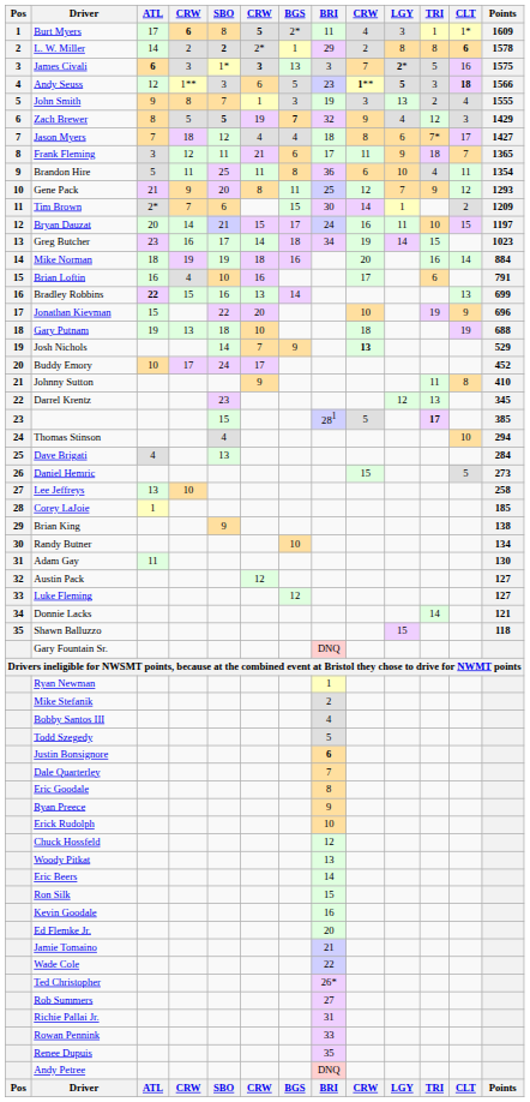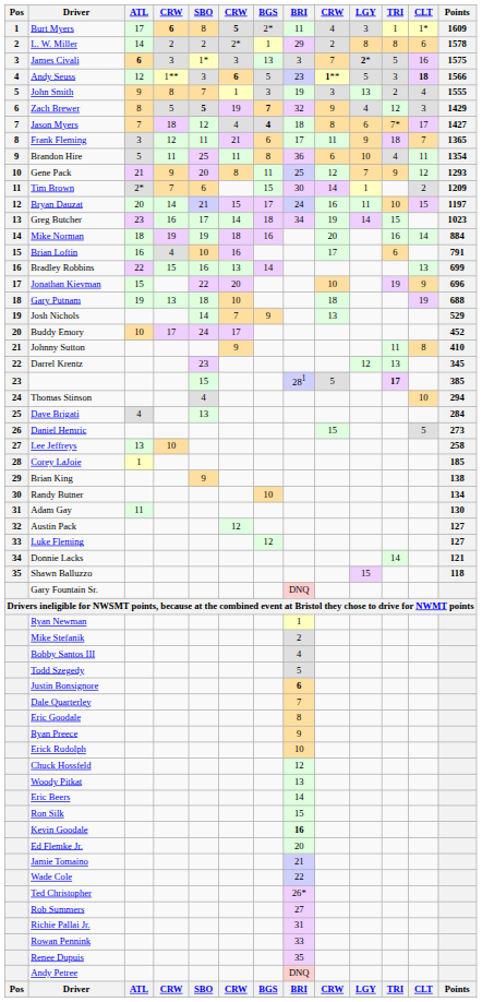 <table class="wikitable" style="font-size:77%; text-align:center;">
 <tr valign="center">
 <th valign="middle">Pos</th>
 <th valign="middle">Driver</th>
 <th><a href='#'>ATL</a></th>
 <th><a href='#'>CRW</a></th>
 <th><a href='#'>SBO</a></th>
 <th><a href='#'>CRW</a></th>
 <th><a href='#'>BGS</a></th>
 <th><a href='#'>BRI</a></th>
 <th><a href='#'>CRW</a></th>
 <th><a href='#'>LGY</a></th>
 <th><a href='#'>TRI</a></th>
 <th><a href='#'>CLT</a></th>
 <th valign="middle">Points</th>
 </tr>
 <tr>
 <th>1</th>
 <td align="left"><a href='#'>Burt Myers</a></td>
 <td style="background:#DFFFDF;">17</td>
 <td style="background:#FFDF9F;"><strong>6</strong></td>
 <td style="background:#FFDF9F;">8</td>
 <td style="background:#DFDFDF;"><strong>5</strong></td>
 <td style="background:#DFDFDF;">2*</td>
 <td style="background:#DFFFDF;">11</td>
 <td style="background:#DFDFDF;">4</td>
 <td style="background:#DFDFDF;">3</td>
 <td style="background:#FFFFBF;">1</td>
 <td style="background:#FFFFBF;">1*</td>
 <th>1609</th>
 </tr>
 <tr>
 <th>2</th>
 <td align="left"><a href='#'>L. W. Miller</a></td>
 <td style="background:#DFFFDF;">14</td>
 <td style="background:#DFDFDF;">2</td>
-<td style="background:#DFDFDF;"><strong>2</strong></td>
+<td style="background:#DFDFDF;">2</td>
 <td style="background:#DFDFDF;">2*</td>
 <td style="background:#FFFFBF;">1</td>
 <td style="background:#EFCFFF;">29</td>
 <td style="background:#DFDFDF;">2</td>
 <td style="background:#FFDF9F;">8</td>
 <td style="background:#FFDF9F;">8</td>
-<td style="background:#FFDF9F;"><strong>6</strong></td>
+<td style="background:#FFDF9F;">6</td>
 <th>1578</th>
 </tr>
 <tr>
 <th>3</th>
 <td align="left"><a href='#'>James Civali</a></td>
 <td style="background:#FFDF9F;"><strong>6</strong></td>
 <td style="background:#DFDFDF;">3</td>
 <td style="background:#FFFFBF;">1*</td>
-<td style="background:#DFDFDF;"><strong>3</strong></td>
+<td style="background:#DFDFDF;">3</td>
 <td style="background:#DFFFDF;">13</td>
 <td style="background:#DFDFDF;">3</td>
 <td style="background:#FFDF9F;">7</td>
 <td style="background:#DFDFDF;"><strong>2</strong>*</td>
 <td style="background:#DFDFDF;">5</td>
 <td style="background:#EFCFFF;">16</td>
 <th>1575</th>
 </tr>
 <tr>
 <th>4</th>
 <td align="left"><a href='#'>Andy Seuss</a></td>
 <td style="background:#DFFFDF;">12</td>
 <td style="background:#FFFFBF;">1**</td>
 <td style="background:#DFDFDF;">3</td>
-<td style="background:#FFDF9F;">6</td>
+<td style="background:#FFDF9F;"><strong>6</strong></td>
 <td style="background:#DFDFDF;">5</td>
 <td style="background:#CFCFFF;">23</td>
 <td style="background:#FFFFBF;"><strong>1</strong>**</td>
-<td style="background:#DFDFDF;"><strong>5</strong></td>
+<td style="background:#DFDFDF;">5</td>
 <td style="background:#DFDFDF;">3</td>
 <td style="background:#EFCFFF;"><strong>18</strong></td>
 <th>1566</th>
 </tr>
 <tr>
 <th>5</th>
 <td align="left"><a href='#'>John Smith</a></td>
 <td style="background:#FFDF9F;">9</td>
 <td style="background:#FFDF9F;">8</td>
 <td style="background:#FFDF9F;">7</td>
 <td style="background:#FFFFBF;">1</td>
 <td style="background:#DFDFDF;">3</td>
 <td style="background:#DFFFDF;">19</td>
 <td style="background:#DFDFDF;">3</td>
 <td style="background:#DFFFDF;">13</td>
 <td style="background:#DFDFDF;">2</td>
 <td style="background:#DFDFDF;">4</td>
 <th>1555</th>
 </tr>
 <tr>
 <th>6</th>
 <td align="left"><a href='#'>Zach Brewer</a></td>
 <td style="background:#FFDF9F;">8</td>
 <td style="background:#DFDFDF;">5</td>
 <td style="background:#DFDFDF;"><strong>5</strong></td>
 <td style="background:#EFCFFF;">19</td>
 <td style="background:#FFDF9F;"><strong>7</strong></td>
 <td style="background:#EFCFFF;">32</td>
 <td style="background:#FFDF9F;">9</td>
 <td style="background:#DFDFDF;">4</td>
 <td style="background:#DFFFDF;">12</td>
 <td style="background:#DFDFDF;">3</td>
 <th>1429</th>
 </tr>
 <tr>
 <th>7</th>
 <td align="left"><a href='#'>Jason Myers</a></td>
 <td style="background:#FFDF9F;">7</td>
 <td style="background:#EFCFFF;">18</td>
 <td style="background:#DFFFDF;">12</td>
 <td style="background:#DFDFDF;">4</td>
-<td style="background:#DFDFDF;">4</td>
+<td style="background:#DFDFDF;"><strong>4</strong></td>
 <td style="background:#DFFFDF;">18</td>
 <td style="background:#FFDF9F;">8</td>
 <td style="background:#FFDF9F;">6</td>
 <td style="background:#FFDF9F;">7*</td>
 <td style="background:#EFCFFF;">17</td>
 <th>1427</th>
 </tr>
 <tr>
 <th>8</th>
 <td align="left"><a href='#'>Frank Fleming</a></td>
 <td style="background:#DFDFDF;">3</td>
 <td style="background:#DFFFDF;">12</td>
 <td style="background:#DFFFDF;">11</td>
 <td style="background:#EFCFFF;">21</td>
 <td style="background:#FFDF9F;">6</td>
 <td style="background:#DFFFDF;">17</td>
 <td style="background:#DFFFDF;">11</td>
 <td style="background:#FFDF9F;">9</td>
 <td style="background:#EFCFFF;">18</td>
 <td style="background:#FFDF9F;">7</td>
 <th>1365</th>
 </tr>
 <tr>
 <th>9</th>
 <td align="left">Brandon Hire</td>
 <td style="background:#DFDFDF;">5</td>
 <td style="background:#DFFFDF;">11</td>
 <td style="background:#EFCFFF;">25</td>
 <td style="background:#DFFFDF;">11</td>
 <td style="background:#FFDF9F;">8</td>
 <td style="background:#EFCFFF;">36</td>
 <td style="background:#FFDF9F;">6</td>
 <td style="background:#FFDF9F;">10</td>
 <td style="background:#DFDFDF;">4</td>
 <td style="background:#DFFFDF;">11</td>
 <th>1354</th>
 </tr>
 <tr>
 <th>10</th>
 <td align="left">Gene Pack</td>
 <td style="background:#EFCFFF;">21</td>
 <td style="background:#FFDF9F;">9</td>
 <td style="background:#EFCFFF;">20</td>
 <td style="background:#FFDF9F;">8</td>
 <td style="background:#DFFFDF;">11</td>
 <td style="background:#CFCFFF;">25</td>
 <td style="background:#DFFFDF;">12</td>
 <td style="background:#FFDF9F;">7</td>
 <td style="background:#FFDF9F;">9</td>
 <td style="background:#DFFFDF;">12</td>
 <th>1293</th>
 </tr>
 <tr>
 <th>11</th>
 <td align="left"><a href='#'>Tim Brown</a></td>
 <td style="background:#DFDFDF;">2*</td>
 <td style="background:#FFDF9F;">7</td>
 <td style="background:#FFDF9F;">6</td>
 <td></td>
 <td style="background:#DFFFDF;">15</td>
 <td style="background:#EFCFFF;">30</td>
 <td style="background:#EFCFFF;">14</td>
 <td style="background:#FFFFBF;">1</td>
 <td></td>
 <td style="background:#DFDFDF;">2</td>
 <th>1209</th>
 </tr>
 <tr>
 <th>12</th>
 <td align="left"><a href='#'>Bryan Dauzat</a></td>
 <td style="background:#DFFFDF;">20</td>
 <td style="background:#DFFFDF;">14</td>
 <td style="background:#CFCFFF;">21</td>
 <td style="background:#EFCFFF;">15</td>
 <td style="background:#EFCFFF;">17</td>
 <td style="background:#CFCFFF;">24</td>
 <td style="background:#DFFFDF;">16</td>
 <td style="background:#DFFFDF;">11</td>
 <td style="background:#FFDF9F;">10</td>
 <td style="background:#EFCFFF;">15</td>
 <th>1197</th>
 </tr>
 <tr>
 <th>13</th>
 <td align="left">Greg Butcher</td>
 <td style="background:#EFCFFF;">23</td>
 <td style="background:#DFFFDF;">16</td>
 <td style="background:#DFFFDF;">17</td>
 <td style="background:#DFFFDF;">14</td>
 <td style="background:#EFCFFF;">18</td>
 <td style="background:#EFCFFF;">34</td>
 <td style="background:#DFFFDF;">19</td>
 <td style="background:#EFCFFF;">14</td>
 <td style="background:#DFFFDF;">15</td>
 <td></td>
 <th>1023</th>
 </tr>
 <tr>
 <th>14</th>
 <td align="left"><a href='#'>Mike Norman</a></td>
 <td style="background:#DFFFDF;">18</td>
 <td style="background:#EFCFFF;">19</td>
 <td style="background:#DFFFDF;">19</td>
 <td style="background:#EFCFFF;">18</td>
 <td style="background:#EFCFFF;">16</td>
 <td></td>
 <td style="background:#DFFFDF;">20</td>
 <td></td>
 <td style="background:#DFFFDF;">16</td>
 <td style="background:#DFFFDF;">14</td>
 <th>884</th>
 </tr>
 <tr>
 <th>15</th>
 <td align="left"><a href='#'>Brian Loftin</a></td>
 <td style="background:#DFFFDF;">16</td>
 <td style="background:#DFDFDF;">4</td>
 <td style="background:#FFDF9F;">10</td>
 <td style="background:#EFCFFF;">16</td>
 <td></td>
 <td></td>
 <td style="background:#DFFFDF;">17</td>
 <td></td>
 <td style="background:#FFDF9F;">6</td>
 <td></td>
 <th>791</th>
 </tr>
 <tr>
 <th>16</th>
 <td align="left">Bradley Robbins</td>
-<td style="background:#EFCFFF;"><strong>22</strong></td>
+<td style="background:#EFCFFF;">22</td>
 <td style="background:#DFFFDF;">15</td>
 <td style="background:#DFFFDF;">16</td>
 <td style="background:#DFFFDF;">13</td>
 <td style="background:#EFCFFF;">14</td>
 <td></td>
 <td></td>
 <td></td>
 <td></td>
 <td style="background:#DFFFDF;">13</td>
 <th>699</th>
 </tr>
 <tr>
 <th>17</th>
 <td align="left"><a href='#'>Jonathan Kievman</a></td>
 <td style="background:#DFFFDF;">15</td>
 <td></td>
 <td style="background:#EFCFFF;">22</td>
 <td style="background:#EFCFFF;">20</td>
 <td></td>
 <td></td>
 <td style="background:#FFDF9F;">10</td>
 <td></td>
 <td style="background:#EFCFFF;">19</td>
 <td style="background:#FFDF9F;">9</td>
 <th>696</th>
 </tr>
 <tr>
 <th>18</th>
 <td align="left"><a href='#'>Gary Putnam</a></td>
 <td style="background:#DFFFDF;">19</td>
 <td style="background:#DFFFDF;">13</td>
 <td style="background:#DFFFDF;">18</td>
 <td style="background:#FFDF9F;">10</td>
 <td></td>
 <td></td>
 <td style="background:#DFFFDF;">18</td>
 <td></td>
 <td></td>
 <td style="background:#EFCFFF;">19</td>
 <th>688</th>
 </tr>
 <tr>
 <th>19</th>
 <td align="left">Josh Nichols</td>
 <td></td>
 <td></td>
 <td style="background:#DFFFDF;">14</td>
 <td style="background:#FFDF9F;">7</td>
 <td style="background:#FFDF9F;">9</td>
 <td></td>
-<td style="background:#DFFFDF;"><strong>13</strong></td>
+<td style="background:#DFFFDF;">13</td>
 <td></td>
 <td></td>
 <td></td>
 <th>529</th>
 </tr>
 <tr>
 <th>20</th>
 <td align="left">Buddy Emory</td>
 <td style="background:#FFDF9F;">10</td>
 <td style="background:#EFCFFF;">17</td>
 <td style="background:#EFCFFF;">24</td>
 <td style="background:#EFCFFF;">17</td>
 <td></td>
 <td></td>
 <td></td>
 <td></td>
 <td></td>
 <td></td>
 <th>452</th>
 </tr>
 <tr>
 <th>21</th>
 <td align="left">Johnny Sutton</td>
 <td></td>
 <td></td>
 <td></td>
 <td style="background:#FFDF9F;">9</td>
 <td></td>
 <td></td>
 <td></td>
 <td></td>
 <td style="background:#DFFFDF;">11</td>
 <td style="background:#FFDF9F;">8</td>
 <th>410</th>
 </tr>
 <tr>
 <th>22</th>
 <td align="left">Darrel Krentz</td>
 <td></td>
 <td></td>
 <td style="background:#EFCFFF;">23</td>
 <td></td>
 <td></td>
 <td></td>
 <td></td>
 <td style="background:#DFFFDF;">12</td>
 <td style="background:#DFFFDF;">13</td>
 <td></td>
 <th>345</th>
 </tr>
 <tr>
 <th>23</th>
 <td align="left"></td>
 <td></td>
 <td></td>
 <td style="background:#DFFFDF;">15</td>
 <td></td>
 <td></td>
 <td style="background:#CFCFFF;">28<sup>1</sup></td>
 <td style="background:#DFDFDF;">5</td>
 <td></td>
 <td style="background:#EFCFFF;"><strong>17</strong></td>
 <td></td>
 <th>385</th>
 </tr>
 <tr>
 <th>24</th>
 <td align="left">Thomas Stinson</td>
 <td></td>
 <td></td>
 <td style="background:#DFDFDF;">4</td>
 <td></td>
 <td></td>
 <td></td>
 <td></td>
 <td></td>
 <td></td>
 <td style="background:#FFDF9F;">10</td>
 <th>294</th>
 </tr>
 <tr>
 <th>25</th>
 <td align="left"><a href='#'>Dave Brigati</a></td>
 <td style="background:#DFDFDF;">4</td>
 <td></td>
 <td style="background:#DFFFDF;">13</td>
 <td></td>
 <td></td>
 <td></td>
 <td></td>
 <td></td>
 <td></td>
 <td></td>
 <th>284</th>
 </tr>
 <tr>
 <th>26</th>
 <td align="left"><a href='#'>Daniel Hemric</a></td>
 <td></td>
 <td></td>
 <td></td>
 <td></td>
 <td></td>
 <td></td>
 <td style="background:#DFFFDF;">15</td>
 <td></td>
 <td></td>
 <td style="background:#DFDFDF;">5</td>
 <th>273</th>
 </tr>
 <tr>
 <th>27</th>
 <td align="left"><a href='#'>Lee Jeffreys</a></td>
 <td style="background:#DFFFDF;">13</td>
 <td style="background:#FFDF9F;">10</td>
 <td></td>
 <td></td>
 <td></td>
 <td></td>
 <td></td>
 <td></td>
 <td></td>
 <td></td>
 <th>258</th>
 </tr>
 <tr>
 <th>28</th>
 <td align="left"><a href='#'>Corey LaJoie</a></td>
 <td style="background:#FFFFBF;">1</td>
 <td></td>
 <td></td>
 <td></td>
 <td></td>
 <td></td>
 <td></td>
 <td></td>
 <td></td>
 <td></td>
 <th>185</th>
 </tr>
 <tr>
 <th>29</th>
 <td align="left">Brian King</td>
 <td></td>
 <td></td>
 <td style="background:#FFDF9F;">9</td>
 <td></td>
 <td></td>
 <td></td>
 <td></td>
 <td></td>
 <td></td>
 <td></td>
 <th>138</th>
 </tr>
 <tr>
 <th>30</th>
 <td align="left">Randy Butner</td>
 <td></td>
 <td></td>
 <td></td>
 <td></td>
 <td style="background:#FFDF9F;">10</td>
 <td></td>
 <td></td>
 <td></td>
 <td></td>
 <td></td>
 <th>134</th>
 </tr>
 <tr>
 <th>31</th>
 <td align="left">Adam Gay</td>
 <td style="background:#DFFFDF;">11</td>
 <td></td>
 <td></td>
 <td></td>
 <td></td>
 <td></td>
 <td></td>
 <td></td>
 <td></td>
 <td></td>
 <th>130</th>
 </tr>
 <tr>
 <th>32</th>
 <td align="left">Austin Pack</td>
 <td></td>
 <td></td>
 <td></td>
 <td style="background:#DFFFDF;">12</td>
 <td></td>
 <td></td>
 <td></td>
 <td></td>
 <td></td>
 <td></td>
 <th>127</th>
 </tr>
 <tr>
 <th>33</th>
 <td align="left"><a href='#'>Luke Fleming</a></td>
 <td></td>
 <td></td>
 <td></td>
 <td></td>
 <td style="background:#DFFFDF;">12</td>
 <td></td>
 <td></td>
 <td></td>
 <td></td>
 <td></td>
 <th>127</th>
 </tr>
 <tr>
 <th>34</th>
 <td align="left">Donnie Lacks</td>
 <td></td>
 <td></td>
 <td></td>
 <td></td>
 <td></td>
 <td></td>
 <td></td>
 <td></td>
 <td style="background:#DFFFDF;">14</td>
 <td></td>
 <th>121</th>
 </tr>
 <tr>
 <th>35</th>
 <td align="left">Shawn Balluzzo</td>
 <td></td>
 <td></td>
 <td></td>
 <td></td>
 <td></td>
 <td></td>
 <td></td>
 <td style="background:#EFCFFF;">15</td>
 <td></td>
 <td></td>
 <th>118</th>
 </tr>
 <tr>
 <th></th>
 <td align="left">Gary Fountain Sr.</td>
 <td></td>
 <td></td>
 <td></td>
 <td></td>
 <td></td>
 <td style="background:#FFCFCF;">DNQ</td>
 <td></td>
 <td></td>
 <td></td>
 <td></td>
 <th></th>
 </tr>
 <tr>
 <th colspan=21>Drivers ineligible for NWSMT points, because at the combined event at Bristol they chose to drive for <a href='#'>NWMT</a> points</th>
 </tr>
 <tr>
 <th></th>
 <td align="left"><a href='#'>Ryan Newman</a></td>
 <td></td>
 <td></td>
 <td></td>
 <td></td>
 <td></td>
 <td style="background:#FFFFBF;">1</td>
 <td></td>
 <td></td>
 <td></td>
 <td></td>
 <th></th>
 </tr>
 <tr>
 <th></th>
 <td align="left"><a href='#'>Mike Stefanik</a></td>
 <td></td>
 <td></td>
 <td></td>
 <td></td>
 <td></td>
 <td style="background:#DFDFDF;">2</td>
 <td></td>
 <td></td>
 <td></td>
 <td></td>
 <th></th>
 </tr>
 <tr>
 <th></th>
 <td align="left"><a href='#'>Bobby Santos III</a></td>
 <td></td>
 <td></td>
 <td></td>
 <td></td>
 <td></td>
 <td style="background:#DFDFDF;">4</td>
 <td></td>
 <td></td>
 <td></td>
 <td></td>
 <th></th>
 </tr>
 <tr>
 <th></th>
 <td align="left"><a href='#'>Todd Szegedy</a></td>
 <td></td>
 <td></td>
 <td></td>
 <td></td>
 <td></td>
 <td style="background:#DFDFDF;">5</td>
 <td></td>
 <td></td>
 <td></td>
 <td></td>
 <th></th>
 </tr>
 <tr>
 <th></th>
 <td align="left"><a href='#'>Justin Bonsignore</a></td>
 <td></td>
 <td></td>
 <td></td>
 <td></td>
 <td></td>
 <td style="background:#FFDF9F;"><strong>6</strong></td>
 <td></td>
 <td></td>
 <td></td>
 <td></td>
 <th></th>
 </tr>
 <tr>
 <th></th>
 <td align="left"><a href='#'>Dale Quarterley</a></td>
 <td></td>
 <td></td>
 <td></td>
 <td></td>
 <td></td>
 <td style="background:#FFDF9F;">7</td>
 <td></td>
 <td></td>
 <td></td>
 <td></td>
 <th></th>
 </tr>
 <tr>
 <th></th>
 <td align="left"><a href='#'>Eric Goodale</a></td>
 <td></td>
 <td></td>
 <td></td>
 <td></td>
 <td></td>
 <td style="background:#FFDF9F;">8</td>
 <td></td>
 <td></td>
 <td></td>
 <td></td>
 <th></th>
 </tr>
 <tr>
 <th></th>
 <td align="left"><a href='#'>Ryan Preece</a></td>
 <td></td>
 <td></td>
 <td></td>
 <td></td>
 <td></td>
 <td style="background:#FFDF9F;">9</td>
 <td></td>
 <td></td>
 <td></td>
 <td></td>
 <th></th>
 </tr>
 <tr>
 <th></th>
 <td align="left"><a href='#'>Erick Rudolph</a></td>
 <td></td>
 <td></td>
 <td></td>
 <td></td>
 <td></td>
 <td style="background:#FFDF9F;">10</td>
 <td></td>
 <td></td>
 <td></td>
 <td></td>
 <th></th>
 </tr>
 <tr>
 <th></th>
 <td align="left"><a href='#'>Chuck Hossfeld</a></td>
 <td></td>
 <td></td>
 <td></td>
 <td></td>
 <td></td>
 <td style="background:#DFFFDF;">12</td>
 <td></td>
 <td></td>
 <td></td>
 <td></td>
 <th></th>
 </tr>
 <tr>
 <th></th>
 <td align="left"><a href='#'>Woody Pitkat</a></td>
 <td></td>
 <td></td>
 <td></td>
 <td></td>
 <td></td>
 <td style="background:#DFFFDF;">13</td>
 <td></td>
 <td></td>
 <td></td>
 <td></td>
 <th></th>
 </tr>
 <tr>
 <th></th>
 <td align="left"><a href='#'>Eric Beers</a></td>
 <td></td>
 <td></td>
 <td></td>
 <td></td>
 <td></td>
 <td style="background:#DFFFDF;">14</td>
 <td></td>
 <td></td>
 <td></td>
 <td></td>
 <th></th>
 </tr>
 <tr>
 <th></th>
 <td align="left"><a href='#'>Ron Silk</a></td>
 <td></td>
 <td></td>
 <td></td>
 <td></td>
 <td></td>
 <td style="background:#DFFFDF;">15</td>
 <td></td>
 <td></td>
 <td></td>
 <td></td>
 <th></th>
 </tr>
 <tr>
 <th></th>
 <td align="left"><a href='#'>Kevin Goodale</a></td>
 <td></td>
 <td></td>
 <td></td>
 <td></td>
 <td></td>
-<td style="background:#DFFFDF;">16</td>
+<td style="background:#DFFFDF;"><strong>16</strong></td>
 <td></td>
 <td></td>
 <td></td>
 <td></td>
 <th></th>
 </tr>
 <tr>
 <th></th>
 <td align="left"><a href='#'>Ed Flemke Jr.</a></td>
 <td></td>
 <td></td>
 <td></td>
 <td></td>
 <td></td>
 <td style="background:#DFFFDF;">20</td>
 <td></td>
 <td></td>
 <td></td>
 <td></td>
 <th></th>
 </tr>
 <tr>
 <th></th>
 <td align="left"><a href='#'>Jamie Tomaino</a></td>
 <td></td>
 <td></td>
 <td></td>
 <td></td>
 <td></td>
 <td style="background:#CFCFFF;">21</td>
 <td></td>
 <td></td>
 <td></td>
 <td></td>
 <th></th>
 </tr>
 <tr>
 <th></th>
 <td align="left"><a href='#'>Wade Cole</a></td>
 <td></td>
 <td></td>
 <td></td>
 <td></td>
 <td></td>
 <td style="background:#CFCFFF;">22</td>
 <td></td>
 <td></td>
 <td></td>
 <td></td>
 <th></th>
 </tr>
 <tr>
 <th></th>
 <td align="left"><a href='#'>Ted Christopher</a></td>
 <td></td>
 <td></td>
 <td></td>
 <td></td>
 <td></td>
 <td style="background:#EFCFFF;">26*</td>
 <td></td>
 <td></td>
 <td></td>
 <td></td>
 <th></th>
 </tr>
 <tr>
 <th></th>
 <td align="left"><a href='#'>Rob Summers</a></td>
 <td></td>
 <td></td>
 <td></td>
 <td></td>
 <td></td>
 <td style="background:#EFCFFF;">27</td>
 <td></td>
 <td></td>
 <td></td>
 <td></td>
 <th></th>
 </tr>
 <tr>
 <th></th>
 <td align="left"><a href='#'>Richie Pallai Jr.</a></td>
 <td></td>
 <td></td>
 <td></td>
 <td></td>
 <td></td>
 <td style="background:#EFCFFF;">31</td>
 <td></td>
 <td></td>
 <td></td>
 <td></td>
 <th></th>
 </tr>
 <tr>
 <th></th>
 <td align="left"><a href='#'>Rowan Pennink</a></td>
 <td></td>
 <td></td>
 <td></td>
 <td></td>
 <td></td>
 <td style="background:#EFCFFF;">33</td>
 <td></td>
 <td></td>
 <td></td>
 <td></td>
 <th></th>
 </tr>
 <tr>
 <th></th>
 <td align="left"><a href='#'>Renee Dupuis</a></td>
 <td></td>
 <td></td>
 <td></td>
 <td></td>
 <td></td>
 <td style="background:#EFCFFF;">35</td>
 <td></td>
 <td></td>
 <td></td>
 <td></td>
 <th></th>
 </tr>
 <tr>
 <th></th>
 <td align="left"><a href='#'>Andy Petree</a></td>
 <td></td>
 <td></td>
 <td></td>
 <td></td>
 <td></td>
 <td style="background:#FFCFCF;">DNQ</td>
 <td></td>
 <td></td>
 <td></td>
 <td></td>
 <th></th>
 </tr>
 <tr valign="center">
 <th valign="middle">Pos</th>
 <th valign="middle">Driver</th>
 <th><a href='#'>ATL</a></th>
 <th><a href='#'>CRW</a></th>
 <th><a href='#'>SBO</a></th>
 <th><a href='#'>CRW</a></th>
 <th><a href='#'>BGS</a></th>
 <th><a href='#'>BRI</a></th>
 <th><a href='#'>CRW</a></th>
 <th><a href='#'>LGY</a></th>
 <th><a href='#'>TRI</a></th>
 <th><a href='#'>CLT</a></th>
 <th valign="middle">Points</th>
 </tr>
 </table>
